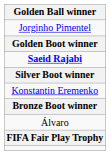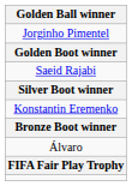 <table class="wikitable" style="margin: 0 auto;">
 <tr>
 <th>Golden Ball winner</th>
 </tr>
 <tr>
 <td align=center> <a href='#'>Jorginho Pimentel</a></td>
 </tr>
 <tr>
 <th>Golden Boot winner</th>
 </tr>
 <tr>
-<td align=center><strong> <a href='#'>Saeid Rajabi</a></strong></td>
+<td align=center> <a href='#'>Saeid Rajabi</a></td>
 </tr>
 <tr>
 <th>Silver Boot winner</th>
 </tr>
 <tr>
 <td align=center> <a href='#'>Konstantin Eremenko</a></td>
 </tr>
 <tr>
 <th>Bronze Boot winner</th>
 </tr>
 <tr>
 <td align=center> Álvaro</td>
 </tr>
 <tr>
 <th>FIFA Fair Play Trophy</th>
 </tr>
 <tr>
 <td align=center></td>
 </tr>
 </table>
